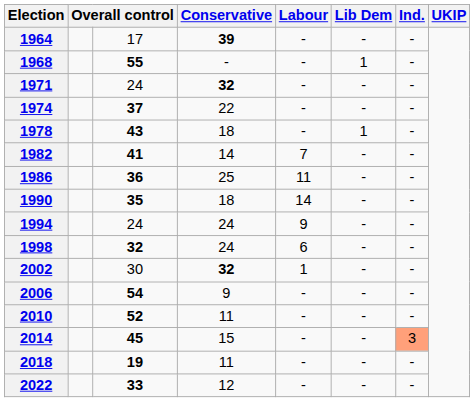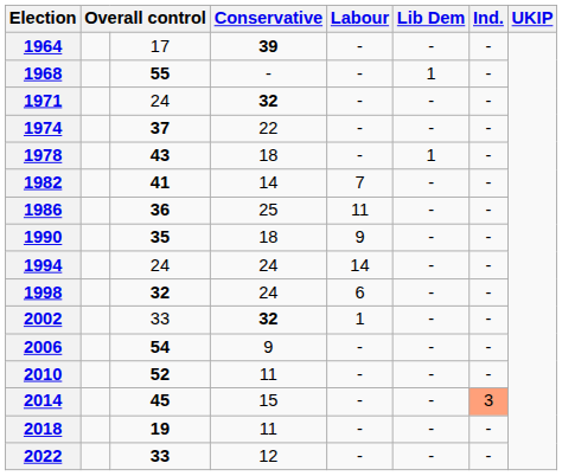 <table class="wikitable">
 <tr>
 <th>Election</th>
 <th colspan=2>Overall control</th>
 <th><a href='#'>Conservative</a></th>
 <th><a href='#'>Labour</a></th>
 <th><a href='#'>Lib Dem</a></th>
 <th><a href='#'>Ind.</a></th>
 <th><a href='#'>UKIP</a></th>
 </tr>
 <tr>
 <th><a href='#'>1964</a></th>
 <td></td>
 <td style="text-align: center;">17</td>
 <td style="text-align: center;"><strong>39</strong></td>
 <td style="text-align: center;">-</td>
 <td style="text-align: center;">-</td>
 <td style="text-align: center;">-</td>
 </tr>
 <tr>
 <th><a href='#'>1968</a></th>
 <td></td>
 <td style="text-align: center;"><strong>55</strong></td>
 <td style="text-align: center;">-</td>
 <td style="text-align: center;">-</td>
 <td style="text-align: center;">1</td>
 <td style="text-align: center;">-</td>
 </tr>
 <tr>
 <th><a href='#'>1971</a></th>
 <td></td>
 <td style="text-align: center;">24</td>
 <td style="text-align: center;"><strong>32</strong></td>
 <td style="text-align: center;">-</td>
 <td style="text-align: center;">-</td>
 <td style="text-align: center;">-</td>
 </tr>
 <tr>
 <th><a href='#'>1974</a></th>
 <td></td>
 <td style="text-align: center;"><strong>37</strong></td>
 <td style="text-align: center;">22</td>
 <td style="text-align: center;">-</td>
 <td style="text-align: center;">-</td>
 <td style="text-align: center;">-</td>
 </tr>
 <tr>
 <th><a href='#'>1978</a></th>
 <td></td>
 <td style="text-align: center;"><strong>43</strong></td>
 <td style="text-align: center;">18</td>
 <td style="text-align: center;">-</td>
 <td style="text-align: center;">1</td>
 <td style="text-align: center;">-</td>
 </tr>
 <tr>
 <th><a href='#'>1982</a></th>
 <td></td>
 <td style="text-align: center;"><strong>41</strong></td>
 <td style="text-align: center;">14</td>
 <td style="text-align: center;">7</td>
 <td style="text-align: center;">-</td>
 <td style="text-align: center;">-</td>
 </tr>
 <tr>
 <th><a href='#'>1986</a></th>
 <td></td>
 <td style="text-align: center;"><strong>36</strong></td>
 <td style="text-align: center;">25</td>
 <td style="text-align: center;">11</td>
 <td style="text-align: center;">-</td>
 <td style="text-align: center;">-</td>
 </tr>
 <tr>
 <th><a href='#'>1990</a></th>
 <td></td>
 <td style="text-align: center;"><strong>35</strong></td>
 <td style="text-align: center;">18</td>
-<td style="text-align: center;">14</td>
+<td style="text-align: center;">9</td>
 <td style="text-align: center;">-</td>
 <td style="text-align: center;">-</td>
 </tr>
 <tr>
 <th><a href='#'>1994</a></th>
 <td></td>
 <td style="text-align: center;">24</td>
 <td style="text-align: center;">24</td>
-<td style="text-align: center;">9</td>
+<td style="text-align: center;">14</td>
 <td style="text-align: center;">-</td>
 <td style="text-align: center;">-</td>
 </tr>
 <tr>
 <th><a href='#'>1998</a></th>
 <td></td>
 <td style="text-align: center;"><strong>32</strong></td>
 <td style="text-align: center;">24</td>
 <td style="text-align: center;">6</td>
 <td style="text-align: center;">-</td>
 <td style="text-align: center;">-</td>
 </tr>
 <tr>
 <th><a href='#'>2002</a></th>
 <td></td>
-<td style="text-align: center;">30</td>
+<td style="text-align: center;">33</td>
 <td style="text-align: center;"><strong>32</strong></td>
 <td style="text-align: center;">1</td>
 <td style="text-align: center;">-</td>
 <td style="text-align: center;">-</td>
 </tr>
 <tr>
 <th><a href='#'>2006</a></th>
 <td></td>
 <td style="text-align: center;"><strong>54</strong></td>
 <td style="text-align: center;">9</td>
 <td style="text-align: center;">-</td>
 <td style="text-align: center;">-</td>
 <td style="text-align: center;">-</td>
 </tr>
 <tr>
 <th><a href='#'>2010</a></th>
 <td></td>
 <td style="text-align: center;"><strong>52</strong></td>
 <td style="text-align: center;">11</td>
 <td style="text-align: center;">-</td>
 <td style="text-align: center;">-</td>
 <td style="text-align: center;">-</td>
 </tr>
 <tr>
 <th><a href='#'>2014</a></th>
 <td></td>
 <td style="text-align: center;"><strong>45</strong></td>
 <td style="text-align: center;">15</td>
 <td style="text-align: center;">-</td>
 <td style="text-align: center;">-</td>
 <td style="background: lightsalmon; text-align: center;">3</td>
 </tr>
 <tr>
 <th><a href='#'>2018</a></th>
 <td></td>
 <td style="text-align: center;"><strong>19</strong></td>
 <td style="text-align: center;">11</td>
 <td style="text-align: center;">-</td>
 <td style="text-align: center;">-</td>
 <td style="text-align: center;">-</td>
 </tr>
 <tr>
 <th><a href='#'>2022</a></th>
 <td></td>
 <td style="text-align: center;"><strong>33</strong></td>
 <td style="text-align: center;">12</td>
 <td style="text-align: center;">-</td>
 <td style="text-align: center;">-</td>
 <td style="text-align: center;">-</td>
 </tr>
 </table>
